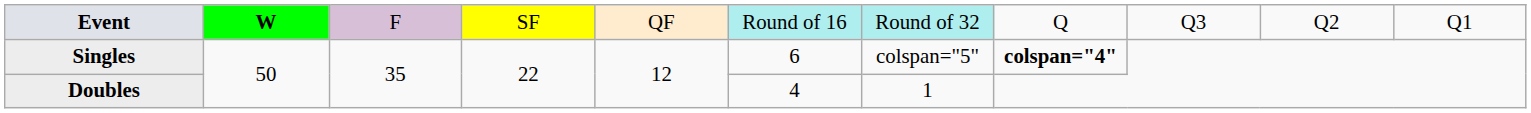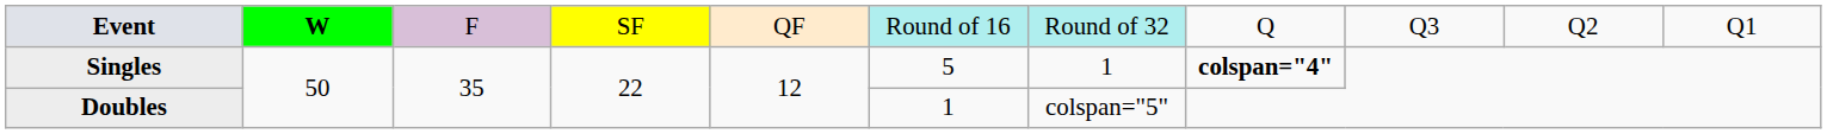 <table class=wikitable style=font-size:90%;text-align:center>
 <tr>
 <td style="width:130px; background:#dfe2e9;"><strong>Event</strong></td>
 <td style="width:80px; background:lime;"><strong>W</strong></td>
 <td style="width:85px; background:thistle;">F</td>
 <td style="width:85px; background:#ff0;">SF</td>
 <td style="width:85px; background:#ffebcd;">QF</td>
 <td style="width:85px; background:#afeeee;">Round of 16</td>
 <td style="width:85px; background:#afeeee;">Round of 32</td>
 <td width=85>Q</td>
 <td width=85>Q3</td>
 <td width=85>Q2</td>
 <td width=85>Q1</td>
 </tr>
 <tr>
 <th style="background:#ededed;">Singles</th>
 <td rowspan=2>50</td>
 <td rowspan=2>35</td>
 <td rowspan=2>22</td>
 <td rowspan=2>12</td>
-<td>6</td>
-<td>colspan="5" </td>
+<td>5</td>
+<td>1</td>
 <td><strong>colspan="4" </strong></td>
 </tr>
 <tr>
 <th style="background:#ededed;">Doubles</th>
-<td>4</td>
 <td>1</td>
+<td>colspan="5" </td>
 </tr>
 </table>
